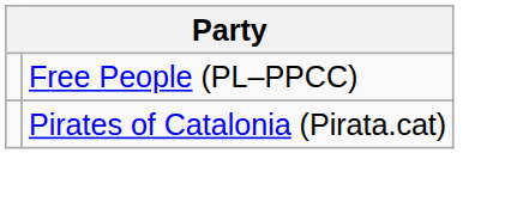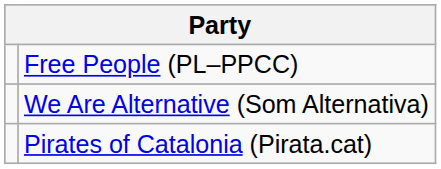 <table class="wikitable" style="text-align:left; font-size:95%;">
 <tr>
 <th colspan="2">Party</th>
 </tr>
 <tr>
 <td width="1"></td>
 <td><a href='#'>Free People</a> (PL–PPCC)</td>
 </tr>
 <tr>
 <td></td>
+<td><a href='#'>We Are Alternative</a> (Som Alternativa)</td>
+</tr>
+<tr>
+<td></td>
 <td><a href='#'>Pirates of Catalonia</a> (Pirata.cat)</td>
 </tr>
 </table>
